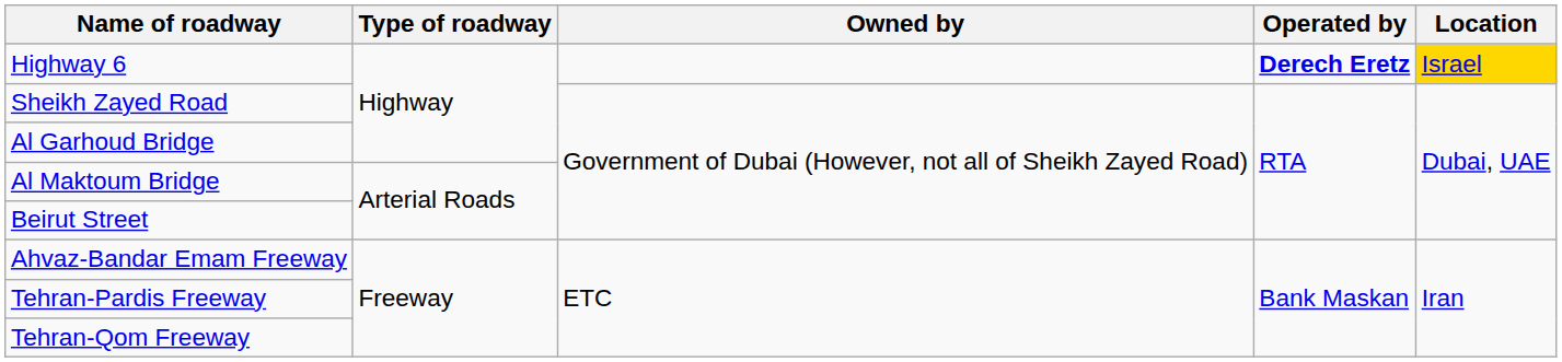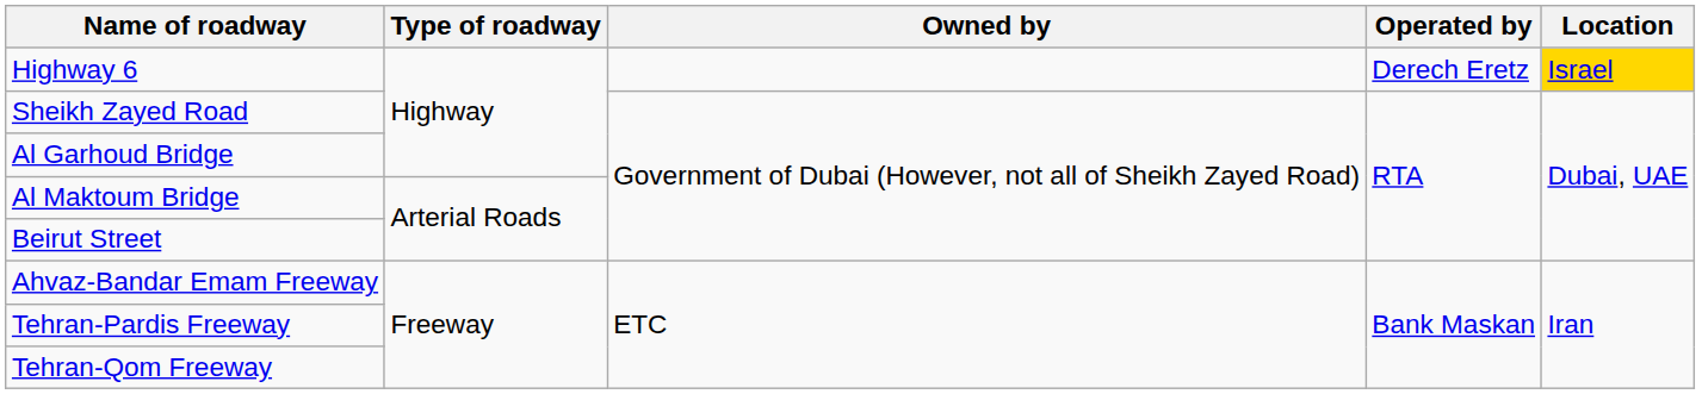 <table class="wikitable">
 <tr>
 <th>Name of roadway</th>
 <th>Type of roadway</th>
 <th>Owned by</th>
 <th>Operated by</th>
 <th>Location</th>
 </tr>
 <tr>
 <td><a href='#'>Highway 6</a></td>
 <td rowspan="3">Highway</td>
 <td></td>
-<td><strong><a href='#'>Derech Eretz</a></strong></td>
+<td><a href='#'>Derech Eretz</a></td>
 <td style="background: gold;"><a href='#'>Israel</a></td>
 </tr>
 <tr>
 <td><a href='#'>Sheikh Zayed Road</a></td>
 <td rowspan="4">Government of Dubai (However, not all of Sheikh Zayed Road)</td>
 <td rowspan="4"><a href='#'>RTA</a></td>
 <td rowspan="4"><a href='#'>Dubai</a>, <a href='#'>UAE</a></td>
 </tr>
 <tr>
 <td><a href='#'>Al Garhoud Bridge</a></td>
 </tr>
 <tr>
 <td><a href='#'>Al Maktoum Bridge</a></td>
 <td rowspan="2">Arterial Roads</td>
 </tr>
 <tr>
 <td><a href='#'>Beirut Street</a></td>
 </tr>
 <tr>
 <td><a href='#'>Ahvaz-Bandar Emam Freeway</a></td>
 <td rowspan="3">Freeway</td>
 <td rowspan="3">ETC</td>
 <td rowspan="3"><a href='#'>Bank Maskan</a></td>
 <td rowspan="3"><a href='#'>Iran</a></td>
 </tr>
 <tr>
 <td><a href='#'>Tehran-Pardis Freeway</a></td>
 </tr>
 <tr>
 <td><a href='#'>Tehran-Qom Freeway</a></td>
 </tr>
 </table>
